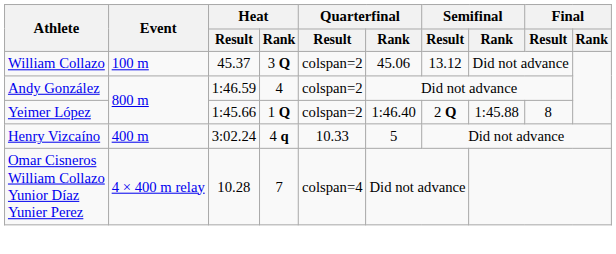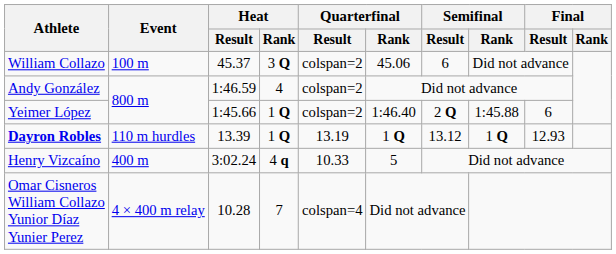 <table class=wikitable style="font-size:90%">
 <tr>
 <th rowspan="2">Athlete</th>
 <th rowspan="2">Event</th>
 <th colspan="2">Heat</th>
 <th colspan="2">Quarterfinal</th>
 <th colspan="2">Semifinal</th>
 <th colspan="2">Final</th>
 </tr>
 <tr style="font-size:95%">
 <th>Result</th>
 <th>Rank</th>
 <th>Result</th>
 <th>Rank</th>
 <th>Result</th>
 <th>Rank</th>
 <th>Result</th>
 <th>Rank</th>
 </tr>
 <tr align=center>
 <td align=left><a href='#'>William Collazo</a></td>
 <td align=left><a href='#'>100 m</a></td>
 <td>45.37</td>
 <td>3 <strong>Q</strong></td>
 <td>colspan=2 </td>
 <td>45.06</td>
-<td>13.12</td>
+<td>6</td>
 <td colspan=2>Did not advance</td>
 </tr>
 <tr align=center>
 <td align=left><a href='#'>Andy González</a></td>
 <td align=left rowspan=2><a href='#'>800 m</a></td>
 <td>1:46.59</td>
 <td>4</td>
 <td>colspan=2 </td>
 <td colspan=4>Did not advance</td>
 </tr>
 <tr align=center>
 <td align=left><a href='#'>Yeimer López</a></td>
 <td>1:45.66</td>
 <td>1 <strong>Q</strong></td>
 <td>colspan=2 </td>
 <td>1:46.40</td>
 <td>2 <strong>Q</strong></td>
 <td>1:45.88</td>
-<td>8</td>
+<td>6</td>
+</tr>
+<tr align=center>
+<td align=left><strong><a href='#'>Dayron Robles</a></strong></td>
+<td align=left><a href='#'>110 m hurdles</a></td>
+<td>13.39</td>
+<td>1 <strong>Q</strong></td>
+<td>13.19</td>
+<td>1 <strong>Q</strong></td>
+<td>13.12</td>
+<td>1 <strong>Q</strong></td>
+<td>12.93</td>
+<td></td>
 </tr>
 <tr align=center>
 <td align=left><a href='#'>Henry Vizcaíno</a></td>
 <td align=left><a href='#'>400 m</a></td>
 <td>3:02.24</td>
 <td>4 <strong>q</strong></td>
 <td>10.33</td>
 <td>5</td>
 <td colspan=4>Did not advance</td>
 </tr>
 <tr align=center>
 <td align=left><a href='#'>Omar Cisneros</a><br><a href='#'>William Collazo</a><br><a href='#'>Yunior Díaz</a><br><a href='#'>Yunier Perez</a></td>
 <td align=left><a href='#'>4 × 400 m relay</a></td>
 <td>10.28</td>
 <td>7</td>
 <td>colspan=4 </td>
 <td colspan=2>Did not advance</td>
 </tr>
 </table>
